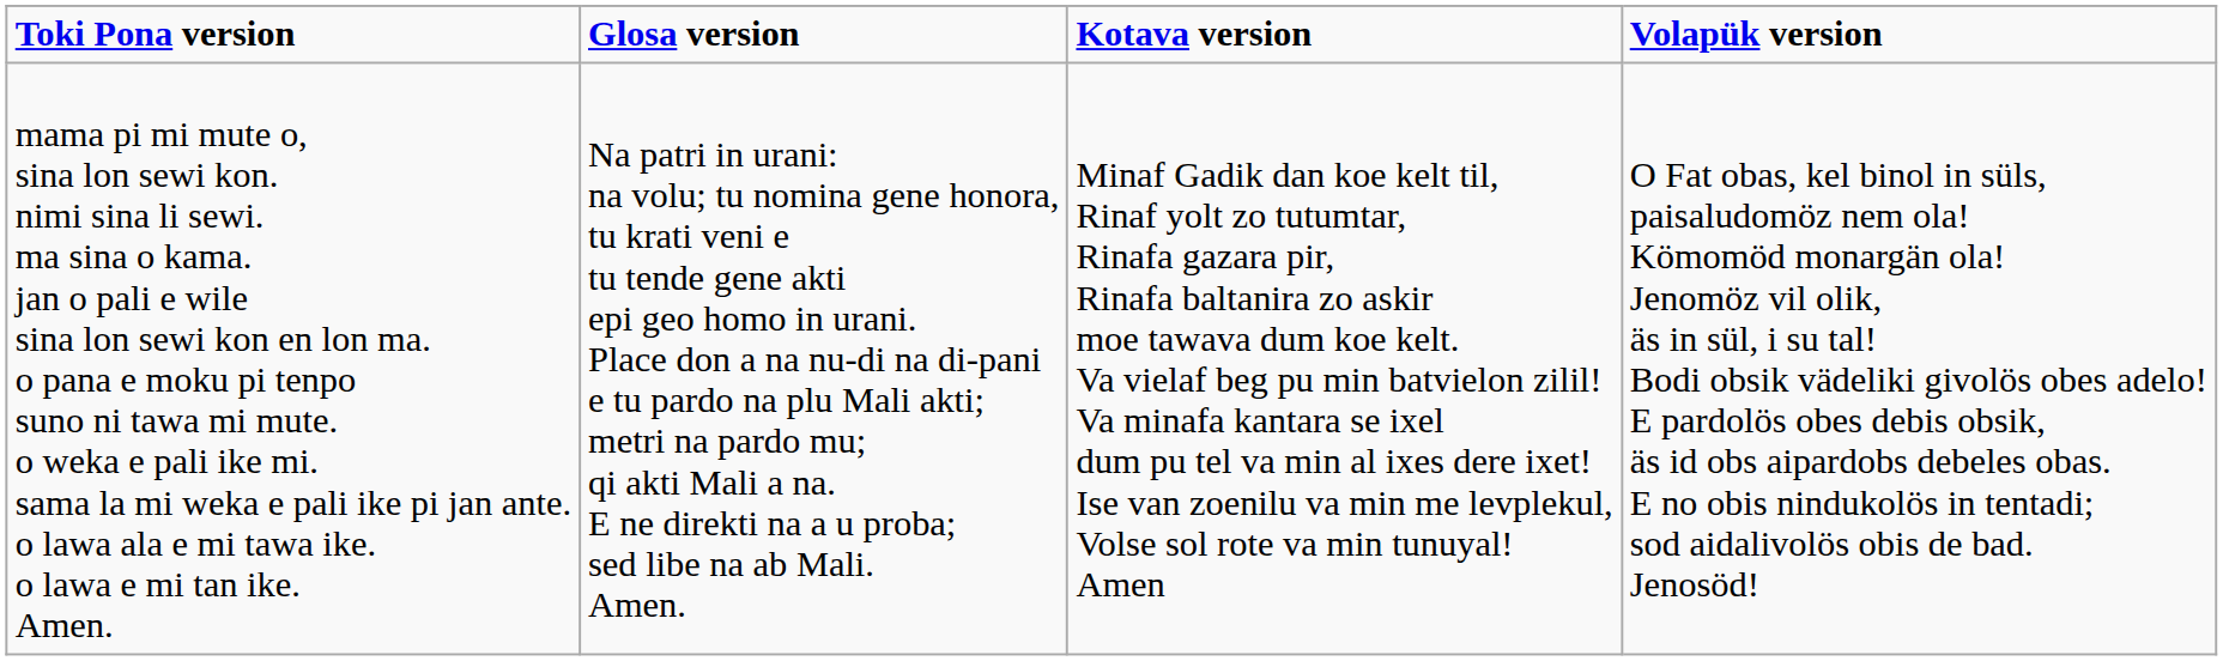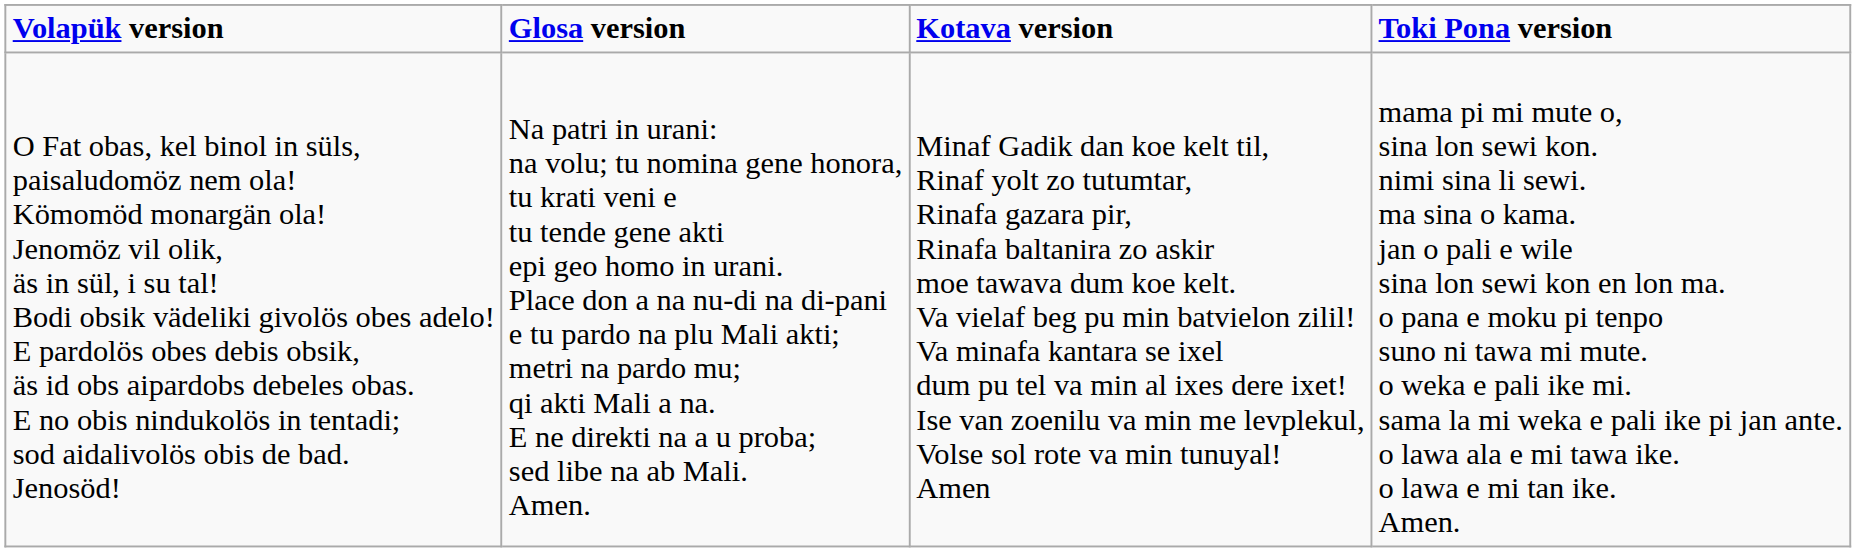 <table class="wikitable" style="margin:1em auto;">
 <tr>
-<td><strong><a href='#'>Toki Pona</a> version</strong></td>
+<td><strong><a href='#'>Volapük</a> version</strong></td>
 <td><strong><a href='#'>Glosa</a> version</strong></td>
 <td><strong><a href='#'>Kotava</a> version</strong></td>
-<td><strong><a href='#'>Volapük</a> version</strong></td>
+<td><strong><a href='#'>Toki Pona</a> version</strong></td>
 </tr>
 <tr>
-<td><br>mama pi mi mute o,<br> sina lon sewi kon.<br> nimi sina li sewi.<br> ma sina o kama.<br> jan o pali e wile <br> sina lon sewi kon en lon ma.<br> o pana e moku pi tenpo <br> suno ni tawa mi mute.<br> o weka e pali ike mi.<br> sama la mi weka e pali ike pi jan ante.<br> o lawa ala e mi tawa ike.<br> o lawa e mi tan ike.<br> Amen.<br></td>
+<td><br>O Fat obas, kel binol in süls,<br> paisaludomöz nem ola!<br> Kömomöd monargän ola!<br> Jenomöz vil olik,<br> äs in sül, i su tal!<br> Bodi obsik vädeliki givolös obes adelo!<br> E pardolös obes debis obsik,<br> äs id obs aipardobs debeles obas.<br> E no obis nindukolös in tentadi;<br> sod aidalivolös obis de bad.<br> Jenosöd!</td>
 <td><br>Na patri in urani:<br> na volu; tu nomina gene honora,<br> tu krati veni e <br> tu tende gene akti <br> epi geo homo in urani.<br> Place don a na nu-di na di-pani<br> e tu pardo na plu Mali akti;<br> metri na pardo mu; <br> qi akti Mali a na.<br> E ne direkti na a u proba;<br> sed libe na ab Mali.<br> Amen.</td>
 <td><br>Minaf Gadik dan koe kelt til,<br> Rinaf yolt zo tutumtar,<br> Rinafa gazara pir,<br> Rinafa baltanira zo askir <br> moe tawava dum koe kelt.<br> Va vielaf beg pu min batvielon zilil!<br> Va minafa kantara se ixel <br> dum pu tel va min al ixes dere ixet!<br> Ise van zoenilu va min me levplekul,<br> Volse sol rote va min tunuyal!<br> Amen</td>
-<td><br>O Fat obas, kel binol in süls,<br> paisaludomöz nem ola!<br> Kömomöd monargän ola!<br> Jenomöz vil olik,<br> äs in sül, i su tal!<br> Bodi obsik vädeliki givolös obes adelo!<br> E pardolös obes debis obsik,<br> äs id obs aipardobs debeles obas.<br> E no obis nindukolös in tentadi;<br> sod aidalivolös obis de bad.<br> Jenosöd!</td>
+<td><br>mama pi mi mute o,<br> sina lon sewi kon.<br> nimi sina li sewi.<br> ma sina o kama.<br> jan o pali e wile <br> sina lon sewi kon en lon ma.<br> o pana e moku pi tenpo <br> suno ni tawa mi mute.<br> o weka e pali ike mi.<br> sama la mi weka e pali ike pi jan ante.<br> o lawa ala e mi tawa ike.<br> o lawa e mi tan ike.<br> Amen.<br></td>
 </tr>
 </table>
